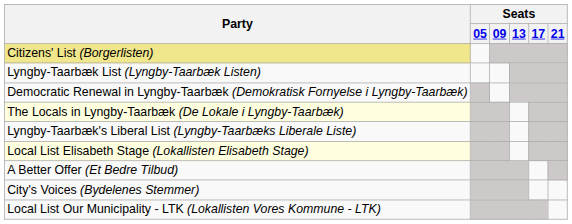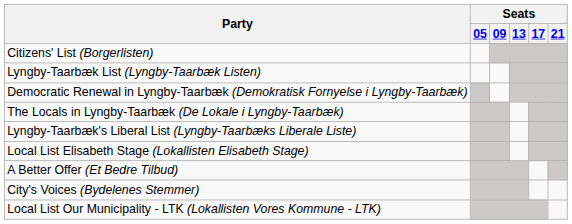 <table class="wikitable">
 <tr>
 <th rowspan=2>Party</th>
 <th colspan=11>Seats</th>
 </tr>
 <tr>
 <th><a href='#'>05</a></th>
 <th><a href='#'>09</a></th>
 <th><a href='#'>13</a></th>
 <th><a href='#'>17</a></th>
 <th><a href='#'>21</a></th>
 </tr>
 <tr>
-<td style="background: khaki;">Citizens' List <em>(Borgerlisten)</em></td>
+<td>Citizens' List <em>(Borgerlisten)</em></td>
 <td></td>
 <td style="background:#CDC9C9;" colspan=4></td>
 </tr>
 <tr>
 <td>Lyngby-Taarbæk List <em>(Lyngby-Taarbæk Listen)</em></td>
 <td></td>
 <td></td>
 <td style="background:#CDC9C9;" colspan=3></td>
 </tr>
 <tr>
 <td>Democratic Renewal in Lyngby-Taarbæk <em>(Demokratisk Fornyelse i Lyngby-Taarbæk)</em></td>
 <td style="background:#CDC9C9;"></td>
 <td></td>
 <td style="background:#CDC9C9;" colspan=3></td>
 </tr>
 <tr>
-<td style="background: lightyellow;">The Locals in Lyngby-Taarbæk <em>(De Lokale i Lyngby-Taarbæk)</em></td>
+<td>The Locals in Lyngby-Taarbæk <em>(De Lokale i Lyngby-Taarbæk)</em></td>
 <td style="background:#CDC9C9;" colspan=2></td>
 <td></td>
 <td style="background:#CDC9C9;" colspan=2></td>
 </tr>
 <tr>
 <td>Lyngby-Taarbæk's Liberal List <em>(Lyngby-Taarbæks Liberale Liste)</em></td>
 <td style="background:#CDC9C9;" colspan=2></td>
 <td></td>
 <td style="background:#CDC9C9;" colspan=2></td>
 </tr>
 <tr>
-<td style="background: lightyellow;">Local List Elisabeth Stage <em>(Lokallisten Elisabeth Stage)</em></td>
+<td>Local List Elisabeth Stage <em>(Lokallisten Elisabeth Stage)</em></td>
 <td style="background:#CDC9C9;" colspan=2></td>
 <td></td>
 <td style="background:#CDC9C9;" colspan=2></td>
 </tr>
 <tr>
 <td>A Better Offer <em>(Et Bedre Tilbud)</em></td>
 <td style="background:#CDC9C9;" colspan=3></td>
 <td></td>
 <td style="background:#CDC9C9;"></td>
 </tr>
 <tr>
 <td>City's Voices <em>(Bydelenes Stemmer)</em></td>
 <td style="background:#CDC9C9;" colspan=3></td>
 <td></td>
 <td></td>
 </tr>
 <tr>
 <td>Local List Our Municipality - LTK <em>(Lokallisten Vores Kommune - LTK)</em></td>
 <td style="background:#CDC9C9;" colspan=4></td>
 <td></td>
 </tr>
 </table>
